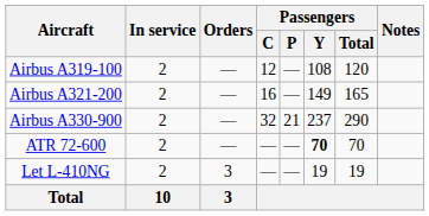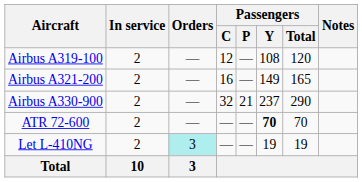 <table class="wikitable" style="margin:1em auto; border-collapse:collapse;text-align:center">
 <tr>
 <th rowspan="2">Aircraft</th>
 <th rowspan="2">In service</th>
 <th rowspan="2">Orders</th>
 <th colspan="4">Passengers</th>
 <th rowspan="2">Notes</th>
 </tr>
 <tr>
 <th><abbr>C</abbr></th>
 <th><abbr>P</abbr></th>
 <th><abbr>Y</abbr></th>
 <th>Total</th>
 </tr>
 <tr>
 <td><a href='#'>Airbus A319-100</a></td>
 <td>2</td>
 <td>—</td>
 <td>12</td>
 <td>—</td>
 <td>108</td>
 <td>120</td>
 <td></td>
 </tr>
 <tr>
 <td><a href='#'>Airbus A321-200</a></td>
 <td>2</td>
 <td>—</td>
 <td>16</td>
 <td>—</td>
 <td>149</td>
 <td>165</td>
 <td></td>
 </tr>
 <tr>
 <td><a href='#'>Airbus A330-900</a></td>
 <td>2</td>
 <td>—</td>
 <td>32</td>
 <td>21</td>
 <td>237</td>
 <td>290</td>
 <td></td>
 </tr>
 <tr>
 <td><a href='#'>ATR 72-600</a></td>
 <td>2</td>
 <td>—</td>
 <td>—</td>
 <td>—</td>
 <td><strong>70</strong></td>
 <td>70</td>
 <td></td>
 </tr>
 <tr>
 <td><a href='#'>Let L-410NG</a></td>
 <td>2</td>
-<td>3</td>
+<td style="background: paleturquoise;">3</td>
 <td>—</td>
 <td>—</td>
 <td>19</td>
 <td>19</td>
 <td></td>
 </tr>
 <tr>
 <th>Total</th>
 <th>10</th>
 <th>3</th>
 <th colspan="5"></th>
 </tr>
 </table>
